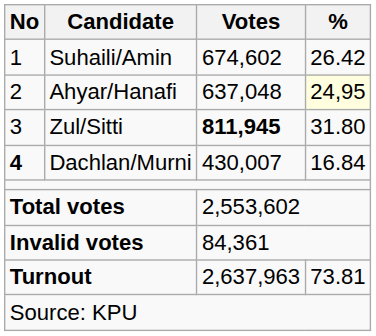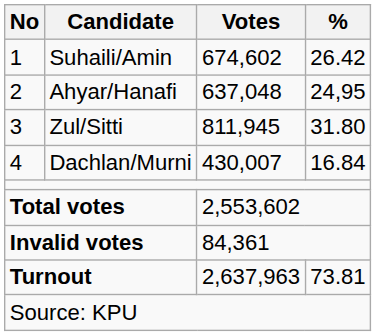 <table class="wikitable">
 <tr>
 <th>No</th>
 <th>Candidate</th>
 <th>Votes</th>
 <th>%</th>
 </tr>
 <tr>
 <td>1</td>
 <td>Suhaili/Amin</td>
 <td>674,602</td>
 <td>26.42</td>
 </tr>
 <tr>
 <td>2</td>
 <td>Ahyar/Hanafi</td>
 <td>637,048</td>
-<td style="background: lightyellow;">24,95</td>
+<td>24,95</td>
 </tr>
 <tr>
 <td>3</td>
 <td>Zul/Sitti</td>
-<td><strong>811,945</strong></td>
+<td>811,945</td>
 <td>31.80</td>
 </tr>
 <tr>
-<td><strong>4</strong></td>
+<td>4</td>
 <td>Dachlan/Murni</td>
 <td>430,007</td>
 <td>16.84</td>
 </tr>
 <tr>
 <td colspan=4></td>
 </tr>
 <tr>
 <td colspan=2><strong>Total votes</strong></td>
 <td colspan=2>2,553,602</td>
 </tr>
 <tr>
 <td colspan=2><strong>Invalid votes</strong></td>
 <td colspan=2>84,361</td>
 </tr>
 <tr>
 <td colspan=2><strong>Turnout</strong></td>
 <td>2,637,963</td>
 <td>73.81</td>
 </tr>
 <tr>
 <td colspan=4>Source: KPU</td>
 </tr>
 </table>
